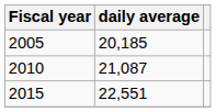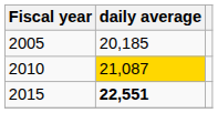 <table class="wikitable">
 <tr>
 <th>Fiscal year</th>
 <th>daily average</th>
 <th></th>
 </tr>
 <tr>
 <td>2005</td>
 <td>20,185</td>
 <td></td>
 </tr>
 <tr>
 <td>2010</td>
-<td>21,087</td>
+<td style="background: gold;">21,087</td>
 <td></td>
 </tr>
 <tr>
 <td>2015</td>
-<td>22,551</td>
+<td><strong>22,551</strong></td>
 <td></td>
 </tr>
 <tr>
 </tr>
 </table>
